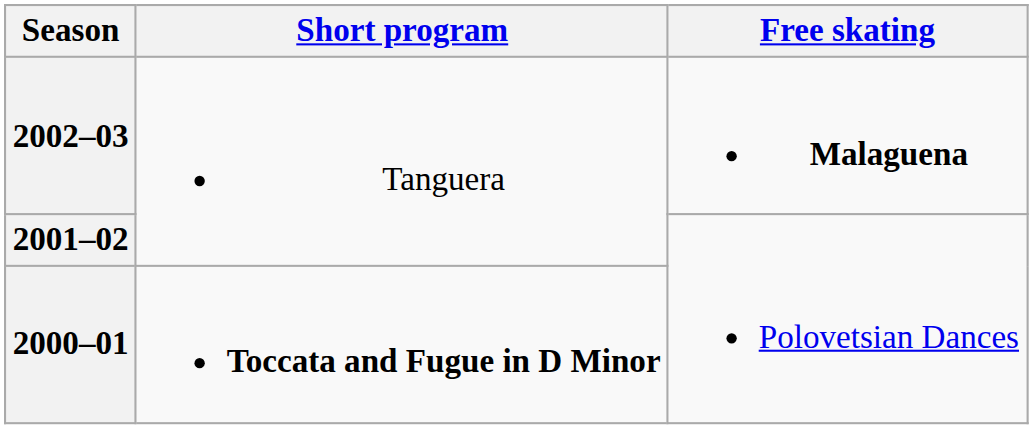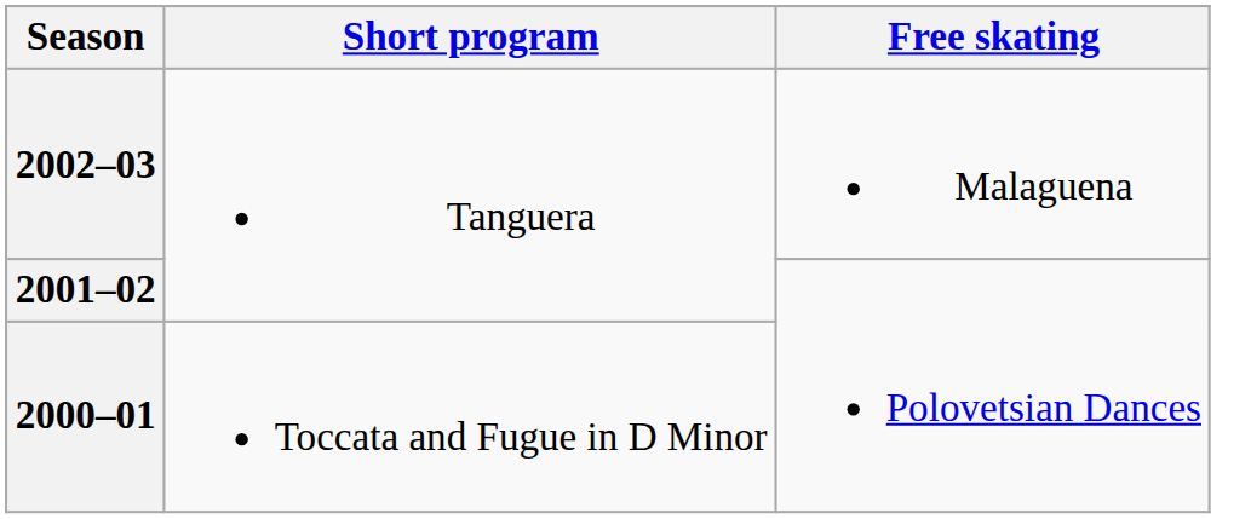 <table class=wikitable style=text-align:center>
 <tr>
 <th>Season</th>
 <th><a href='#'>Short program</a></th>
 <th><a href='#'>Free skating</a></th>
 </tr>
 <tr>
 <th>2002–03 <br> </th>
 <td rowspan=2><br><ul><li>Tanguera <br></li></ul></td>
-<td><strong><br><ul><li>Malaguena <br></li></ul></strong></td>
+<td><br><ul><li>Malaguena <br></li></ul></td>
 </tr>
 <tr>
 <th>2001–02 <br> </th>
 <td rowspan=2><br><ul><li><a href='#'>Polovetsian Dances</a> <br></li></ul></td>
 </tr>
 <tr>
 <th>2000–01 <br> </th>
-<td><strong><br><ul><li>Toccata and Fugue in D Minor <br></li></ul></strong></td>
+<td><br><ul><li>Toccata and Fugue in D Minor <br></li></ul></td>
 </tr>
 </table>
